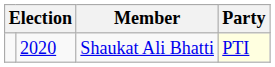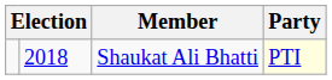 <table class="wikitable">
 <tr>
 <th colspan="2">Election</th>
 <th>Member</th>
 <th>Party</th>
 </tr>
 <tr>
 <td style="background-color: "></td>
-<td><a href='#'>2020</a></td>
+<td><a href='#'>2018</a></td>
 <td><a href='#'>Shaukat Ali Bhatti</a></td>
 <td style="background: lightyellow;"><a href='#'>PTI</a></td>
 </tr>
 </table>
